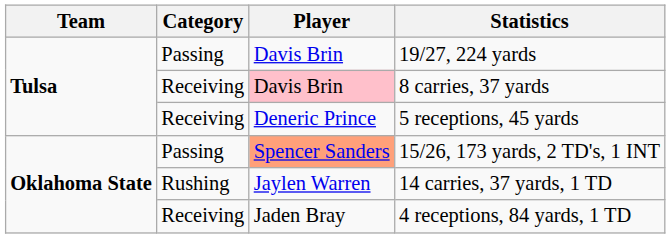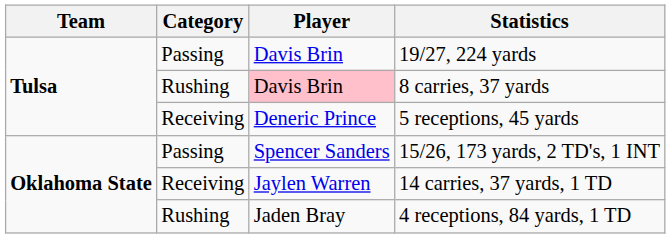 <table class="wikitable" style="float: right;">
 <tr>
 <th>Team</th>
 <th>Category</th>
 <th>Player</th>
 <th>Statistics</th>
 </tr>
 <tr>
 <td rowspan=3><strong>Tulsa</strong></td>
 <td>Passing</td>
 <td><a href='#'>Davis Brin</a></td>
 <td>19/27, 224 yards</td>
 </tr>
 <tr>
-<td>Receiving</td>
+<td>Rushing</td>
 <td style="background: pink;">Davis Brin</td>
 <td>8 carries, 37 yards</td>
 </tr>
 <tr>
 <td>Receiving</td>
 <td><a href='#'>Deneric Prince</a></td>
 <td>5 receptions, 45 yards</td>
 </tr>
 <tr>
 <td rowspan=3><strong>Oklahoma State</strong></td>
 <td>Passing</td>
-<td style="background: lightsalmon;"><a href='#'>Spencer Sanders</a></td>
+<td><a href='#'>Spencer Sanders</a></td>
 <td>15/26, 173 yards, 2 TD's, 1 INT</td>
 </tr>
 <tr>
-<td>Rushing</td>
+<td>Receiving</td>
 <td><a href='#'>Jaylen Warren</a></td>
 <td>14 carries, 37 yards, 1 TD</td>
 </tr>
 <tr>
-<td>Receiving</td>
+<td>Rushing</td>
 <td>Jaden Bray</td>
 <td>4 receptions, 84 yards, 1 TD</td>
 </tr>
 </table>
